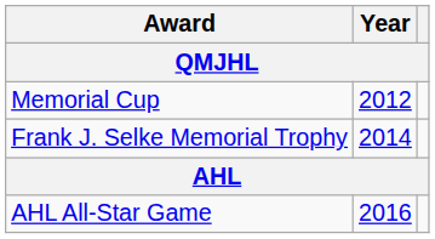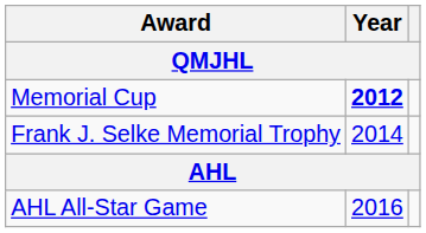 <table class="wikitable">
 <tr>
 <th>Award</th>
 <th>Year</th>
 <th></th>
 </tr>
 <tr>
 <th colspan="3"><a href='#'>QMJHL</a></th>
 </tr>
 <tr>
 <td><a href='#'>Memorial Cup</a></td>
-<td><a href='#'>2012</a></td>
+<td><strong><a href='#'>2012</a></strong></td>
 <td></td>
 </tr>
 <tr>
 <td><a href='#'>Frank J. Selke Memorial Trophy</a></td>
 <td><a href='#'>2014</a></td>
 <td></td>
 </tr>
 <tr>
 <th colspan="3"><a href='#'>AHL</a></th>
 </tr>
 <tr>
 <td><a href='#'>AHL All-Star Game</a></td>
 <td><a href='#'>2016</a></td>
 <td></td>
 </tr>
 </table>
